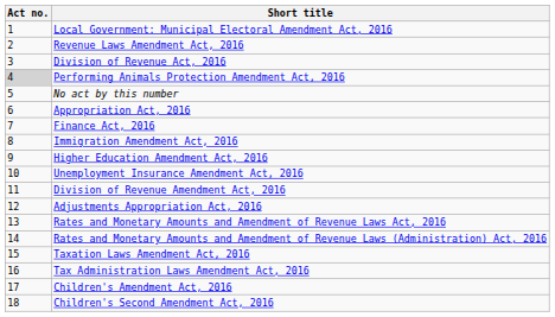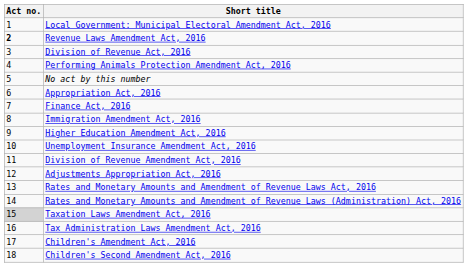 <table class="wikitable sortable">
 <tr>
 <th>Act no.</th>
 <th>Short title</th>
 </tr>
 <tr>
 <td>1</td>
 <td><a href='#'>Local Government: Municipal Electoral Amendment Act, 2016</a></td>
 </tr>
 <tr>
-<td>2</td>
+<td><strong>2</strong></td>
 <td><a href='#'>Revenue Laws Amendment Act, 2016</a></td>
 </tr>
 <tr>
 <td>3</td>
 <td><a href='#'>Division of Revenue Act, 2016</a></td>
 </tr>
 <tr>
-<td style="background: lightgrey;">4</td>
+<td>4</td>
 <td><a href='#'>Performing Animals Protection Amendment Act, 2016</a></td>
 </tr>
 <tr>
 <td>5</td>
 <td><em>No act by this number</em></td>
 </tr>
 <tr>
 <td>6</td>
 <td><a href='#'>Appropriation Act, 2016</a></td>
 </tr>
 <tr>
 <td>7</td>
 <td><a href='#'>Finance Act, 2016</a></td>
 </tr>
 <tr>
 <td>8</td>
 <td><a href='#'>Immigration Amendment Act, 2016</a></td>
 </tr>
 <tr>
 <td>9</td>
 <td><a href='#'>Higher Education Amendment Act, 2016</a></td>
 </tr>
 <tr>
 <td>10</td>
 <td><a href='#'>Unemployment Insurance Amendment Act, 2016</a></td>
 </tr>
 <tr>
 <td>11</td>
 <td><a href='#'>Division of Revenue Amendment Act, 2016</a></td>
 </tr>
 <tr>
 <td>12</td>
 <td><a href='#'>Adjustments Appropriation Act, 2016</a></td>
 </tr>
 <tr>
 <td>13</td>
 <td><a href='#'>Rates and Monetary Amounts and Amendment of Revenue Laws Act, 2016</a></td>
 </tr>
 <tr>
 <td>14</td>
 <td><a href='#'>Rates and Monetary Amounts and Amendment of Revenue Laws (Administration) Act, 2016</a></td>
 </tr>
 <tr>
-<td>15</td>
+<td style="background: lightgrey;">15</td>
 <td><a href='#'>Taxation Laws Amendment Act, 2016</a></td>
 </tr>
 <tr>
 <td>16</td>
 <td><a href='#'>Tax Administration Laws Amendment Act, 2016</a></td>
 </tr>
 <tr>
 <td>17</td>
 <td><a href='#'>Children's Amendment Act, 2016</a></td>
 </tr>
 <tr>
 <td>18</td>
 <td><a href='#'>Children's Second Amendment Act, 2016</a></td>
 </tr>
 </table>
